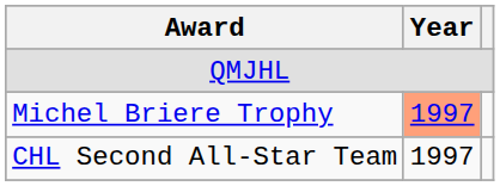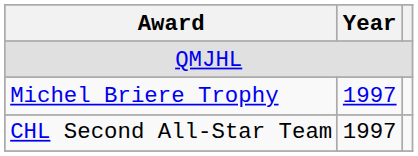 <table class="wikitable">
 <tr>
 <th>Award</th>
 <th>Year</th>
 <th></th>
 </tr>
 <tr align="center" bgcolor="#e0e0e0">
 <td colspan="3"><a href='#'>QMJHL</a></td>
 </tr>
 <tr>
 <td><a href='#'>Michel Briere Trophy</a></td>
-<td style="background: lightsalmon;"><a href='#'>1997</a></td>
+<td><a href='#'>1997</a></td>
 <td></td>
 </tr>
 <tr>
 <td><a href='#'>CHL</a> Second All-Star Team</td>
 <td>1997</td>
 <td></td>
 </tr>
 </table>
